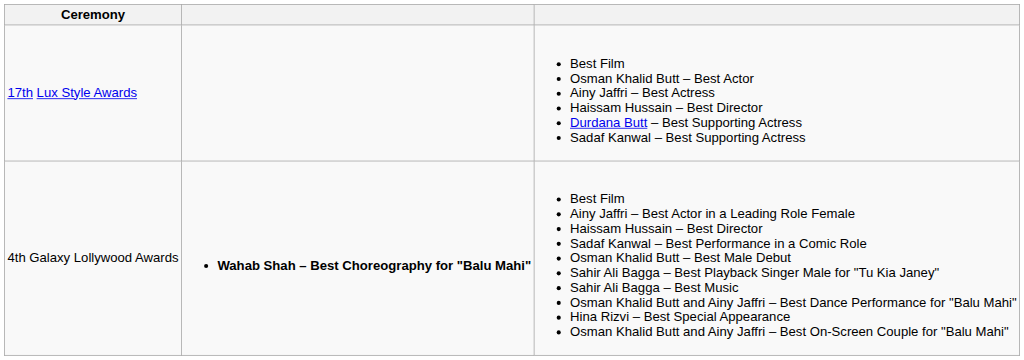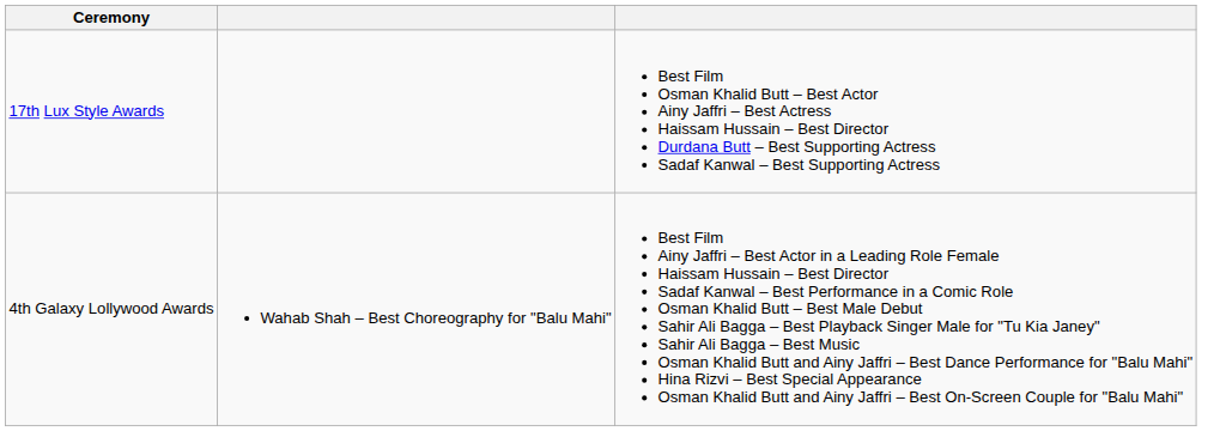 <table class="wikitable">
 <tr>
 <th>Ceremony</th>
 <th></th>
 <th></th>
 </tr>
 <tr>
 <td><a href='#'>17th</a> <a href='#'>Lux Style Awards</a><br></td>
 <td></td>
 <td><br><ul><li>Best Film</li><li>Osman Khalid Butt – Best Actor</li><li>Ainy Jaffri – Best Actress</li><li>Haissam Hussain – Best Director</li><li><a href='#'>Durdana Butt</a> – Best Supporting Actress</li><li>Sadaf Kanwal – Best Supporting Actress</li></ul></td>
 </tr>
 <tr>
 <td>4th Galaxy Lollywood Awards</td>
-<td><strong><br><ul><li>Wahab Shah – Best Choreography for "Balu Mahi"</li></ul></strong></td>
+<td><br><ul><li>Wahab Shah – Best Choreography for "Balu Mahi"</li></ul></td>
 <td><br><ul><li>Best Film</li><li>Ainy Jaffri – Best Actor in a Leading Role Female</li><li>Haissam Hussain – Best Director</li><li>Sadaf Kanwal – Best Performance in a Comic Role</li><li>Osman Khalid Butt – Best Male Debut</li><li>Sahir Ali Bagga – Best Playback Singer Male for "Tu Kia Janey"</li><li>Sahir Ali Bagga – Best Music</li><li>Osman Khalid Butt and Ainy Jaffri – Best Dance Performance for "Balu Mahi"</li><li>Hina Rizvi – Best Special Appearance</li><li>Osman Khalid Butt and Ainy Jaffri – Best On-Screen Couple for "Balu Mahi"</li></ul></td>
 </tr>
 </table>
